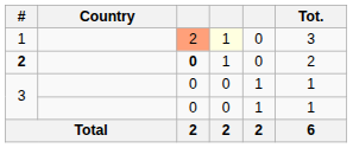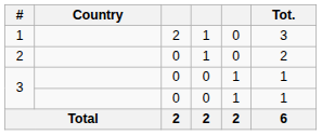 <table class="wikitable" width=30% style="font-size:100%; text-align:center;">
 <tr>
 <th>#</th>
 <th>Country</th>
 <th></th>
 <th></th>
 <th></th>
 <th>Tot.</th>
 </tr>
 <tr>
 <td>1</td>
 <td align=left></td>
-<td style="background: lightsalmon;">2</td>
-<td style="background: lightyellow;">1</td>
+<td>2</td>
+<td>1</td>
 <td>0</td>
 <td>3</td>
 </tr>
 <tr>
-<td><strong>2</strong></td>
+<td>2</td>
 <td align=left></td>
-<td><strong>0</strong></td>
+<td>0</td>
 <td>1</td>
 <td>0</td>
 <td>2</td>
 </tr>
 <tr>
 <td rowspan=2>3</td>
 <td align=left></td>
 <td>0</td>
 <td>0</td>
 <td>1</td>
 <td>1</td>
 </tr>
 <tr>
 <td align=left></td>
 <td>0</td>
 <td>0</td>
 <td>1</td>
 <td>1</td>
 </tr>
 <tr class="sortbottom">
 <th colspan=2>Total</th>
 <th>2</th>
 <th>2</th>
 <th>2</th>
 <th>6</th>
 </tr>
 </table>
